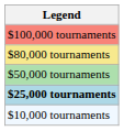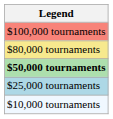 <table class="wikitable" style="font-size:85%">
 <tr>
 <th>Legend</th>
 </tr>
 <tr style="background:#f88379;">
 <td>$100,000 tournaments</td>
 </tr>
 <tr style="background:#f7e98e;">
 <td>$80,000 tournaments</td>
 </tr>
 <tr style="background:#addfad;">
-<td>$50,000 tournaments</td>
+<td><strong>$50,000 tournaments</strong></td>
 </tr>
 <tr style="background:lightblue;">
-<td><strong>$25,000 tournaments</strong></td>
+<td>$25,000 tournaments</td>
 </tr>
 <tr style="background:#f0f8ff;">
 <td>$10,000 tournaments</td>
 </tr>
 </table>
